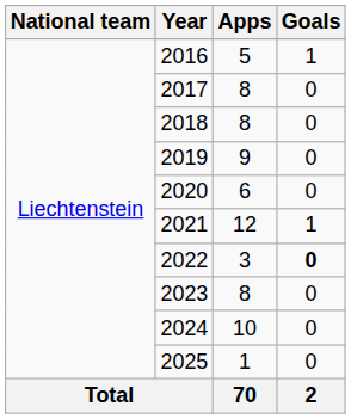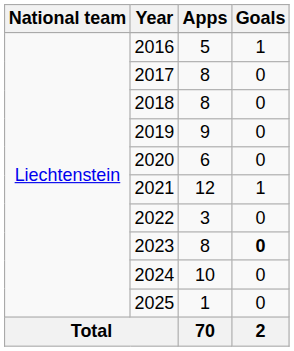 <table class="wikitable" style="text-align:center">
 <tr>
 <th>National team</th>
 <th>Year</th>
 <th>Apps</th>
 <th>Goals</th>
 </tr>
 <tr>
 <td rowspan="11"><a href='#'>Liechtenstein</a></td>
 </tr>
 <tr>
 <td>2016</td>
 <td>5</td>
 <td>1</td>
 </tr>
 <tr>
 <td>2017</td>
 <td>8</td>
 <td>0</td>
 </tr>
 <tr>
 <td>2018</td>
 <td>8</td>
 <td>0</td>
 </tr>
 <tr>
 <td>2019</td>
 <td>9</td>
 <td>0</td>
 </tr>
 <tr>
 <td>2020</td>
 <td>6</td>
 <td>0</td>
 </tr>
 <tr>
 <td>2021</td>
 <td>12</td>
 <td>1</td>
 </tr>
 <tr>
 <td>2022</td>
 <td>3</td>
-<td><strong>0</strong></td>
+<td>0</td>
 </tr>
 <tr>
 <td>2023</td>
 <td>8</td>
-<td>0</td>
+<td><strong>0</strong></td>
 </tr>
 <tr>
 <td>2024</td>
 <td>10</td>
 <td>0</td>
 </tr>
 <tr>
 <td>2025</td>
 <td>1</td>
 <td>0</td>
 </tr>
 <tr>
 <th colspan="2">Total</th>
 <th>70</th>
 <th>2</th>
 </tr>
 </table>
